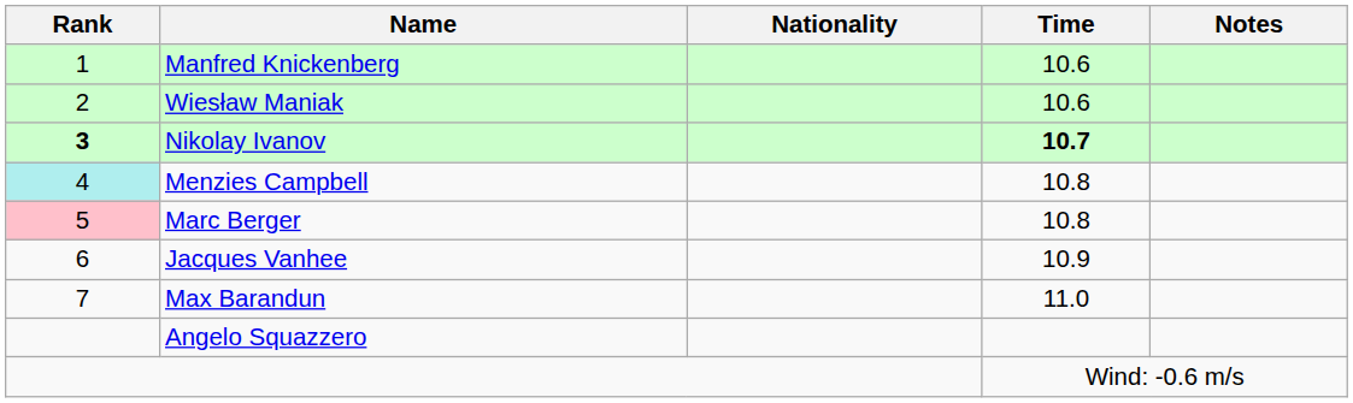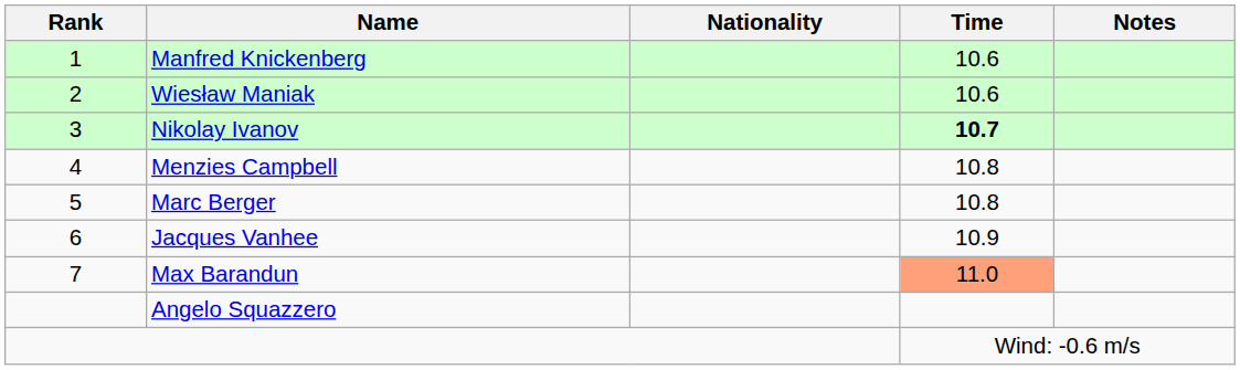 <table class="wikitable sortable" style="text-align:center;width: 55%">
 <tr>
 <th>Rank</th>
 <th>Name</th>
 <th>Nationality</th>
 <th>Time</th>
 <th>Notes</th>
 </tr>
 <tr bgcolor=ccffcc>
 <td>1</td>
 <td align=left><a href='#'>Manfred Knickenberg</a></td>
 <td align=left></td>
 <td>10.6</td>
 <td></td>
 </tr>
 <tr bgcolor=ccffcc>
 <td>2</td>
 <td align=left><a href='#'>Wiesław Maniak</a></td>
 <td align=left></td>
 <td>10.6</td>
 <td></td>
 </tr>
 <tr bgcolor=ccffcc>
-<td><strong>3</strong></td>
+<td>3</td>
 <td align=left><a href='#'>Nikolay Ivanov</a></td>
 <td align=left></td>
 <td><strong>10.7</strong></td>
 <td></td>
 </tr>
 <tr>
-<td style="background: paleturquoise;">4</td>
+<td>4</td>
 <td align=left><a href='#'>Menzies Campbell</a></td>
 <td align=left></td>
 <td>10.8</td>
 <td></td>
 </tr>
 <tr>
-<td style="background: pink;">5</td>
+<td>5</td>
 <td align=left><a href='#'>Marc Berger</a></td>
 <td align=left></td>
 <td>10.8</td>
 <td></td>
 </tr>
 <tr>
 <td>6</td>
 <td align=left><a href='#'>Jacques Vanhee</a></td>
 <td align=left></td>
 <td>10.9</td>
 <td></td>
 </tr>
 <tr>
 <td>7</td>
 <td align=left><a href='#'>Max Barandun</a></td>
 <td align=left></td>
-<td>11.0</td>
+<td style="background: lightsalmon;">11.0</td>
 <td></td>
 </tr>
 <tr>
 <td></td>
 <td align=left><a href='#'>Angelo Squazzero</a></td>
 <td align=left></td>
 <td></td>
 <td></td>
 </tr>
 <tr>
 <td colspan="3"></td>
 <td colspan="2">Wind: -0.6 m/s</td>
 </tr>
 </table>
